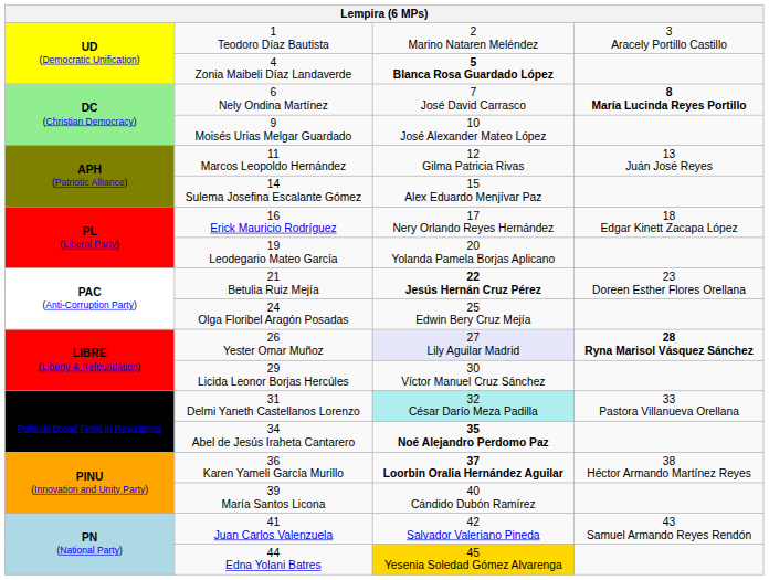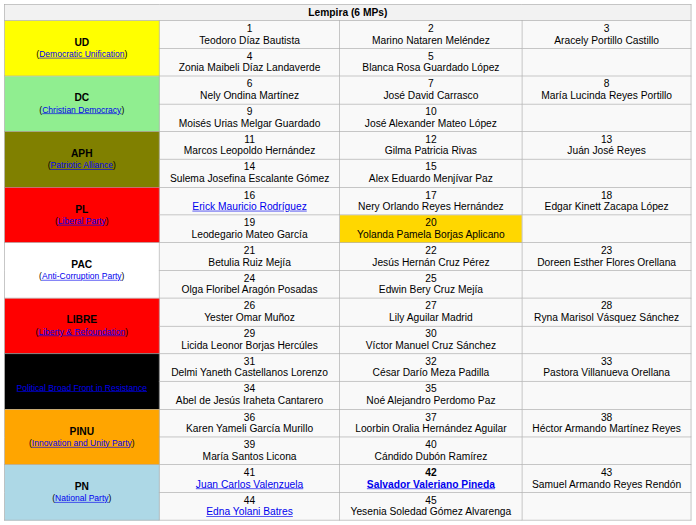 <table class="wikitable" align="center" style="width: 85%">
 <tr>
 <th colspan=24>Lempira (6 MPs)</th>
 </tr>
 <tr align="center">
 <td bgcolor="yellow" rowspan=2><span><span><strong>UD</strong></span></span><br><small>(<a href='#'>Democratic Unification</a>)</small></td>
 <td>1<br>Teodoro Díaz Bautista</td>
 <td>2<br>Marino Nataren Meléndez</td>
 <td>3<br>Aracely Portillo Castillo</td>
 </tr>
 <tr align="center">
 <td>4<br>Zonia Maibeli Díaz Landaverde</td>
-<td><strong>5<br>Blanca Rosa Guardado López</strong></td>
+<td>5<br>Blanca Rosa Guardado López</td>
 </tr>
 <tr align="center">
 <td bgcolor="lightgreen" rowspan=2><span><span><strong>DC</strong></span></span><br><small>(<a href='#'>Christian Democracy</a>)</small></td>
 <td>6<br>Nely Ondina Martínez</td>
 <td>7<br>José David Carrasco</td>
-<td><strong>8<br>María Lucinda Reyes Portillo</strong></td>
+<td>8<br>María Lucinda Reyes Portillo</td>
 </tr>
 <tr align="center">
 <td>9<br>Moisés Urias Melgar Guardado</td>
 <td>10<br>José Alexander Mateo López</td>
 </tr>
 <tr align="center">
 <td bgcolor="olive" rowspan=2><span><span><strong>APH</strong></span></span><br><small>(<a href='#'>Patriotic Alliance</a>)</small></td>
 <td>11<br>Marcos Leopoldo Hernández</td>
 <td>12<br>Gilma Patricia Rivas</td>
 <td>13<br>Juán José Reyes</td>
 </tr>
 <tr align="center">
 <td>14<br>Sulema Josefina Escalante Gómez</td>
 <td>15<br>Alex Eduardo Menjívar Paz</td>
 </tr>
 <tr align="center">
 <td bgcolor="red" rowspan=2><span><span><strong>PL</strong></span></span><br><small>(<a href='#'>Liberal Party</a>)</small></td>
 <td>16<br><a href='#'>Erick Mauricio Rodríguez</a></td>
 <td>17<br>Nery Orlando Reyes Hernández</td>
 <td>18<br>Edgar Kinett Zacapa López</td>
 </tr>
 <tr align="center">
 <td>19<br>Leodegario Mateo García</td>
-<td>20<br>Yolanda Pamela Borjas Aplicano</td>
+<td style="background: gold;">20<br>Yolanda Pamela Borjas Aplicano</td>
 </tr>
 <tr align="center">
 <td bgcolor="white" rowspan=2><span><span><strong>PAC</strong></span></span><br><small>(<a href='#'>Anti-Corruption Party</a>)</small></td>
 <td>21<br>Betulia Ruiz Mejía</td>
-<td><strong>22<br>Jesús Hernán Cruz Pérez</strong></td>
+<td>22<br>Jesús Hernán Cruz Pérez</td>
 <td>23<br>Doreen Esther Flores Orellana</td>
 </tr>
 <tr align="center">
 <td>24<br>Olga Floribel Aragón Posadas</td>
 <td>25<br>Edwin Bery Cruz Mejía</td>
 </tr>
 <tr align="center">
 <td bgcolor="red" rowspan=2><span><span><strong>LIBRE</strong></span></span><br><small>(<a href='#'>Liberty & Refoundation</a>)</small></td>
 <td>26<br>Yester Omar Muñoz</td>
-<td style="background: lavender;">27<br>Lily Aguilar Madrid</td>
-<td><strong>28<br>Ryna Marisol Vásquez Sánchez</strong></td>
+<td>27<br>Lily Aguilar Madrid</td>
+<td>28<br>Ryna Marisol Vásquez Sánchez</td>
 </tr>
 <tr align="center">
 <td>29<br>Licida Leonor Borjas Hercúles</td>
 <td>30<br>Víctor Manuel Cruz Sánchez</td>
 </tr>
 <tr align="center">
 <td bgcolor="black" rowspan=2><span><span><strong>FAPER</strong></span></span><br><small>(<a href='#'>Political Broad Front in Resistance</a>)</small></td>
 <td>31<br>Delmi Yaneth Castellanos Lorenzo</td>
-<td style="background: paleturquoise;">32<br>César Darío Meza Padilla</td>
+<td>32<br>César Darío Meza Padilla</td>
 <td>33<br>Pastora Villanueva Orellana</td>
 </tr>
 <tr align="center">
 <td>34<br>Abel de Jesús Iraheta Cantarero</td>
-<td><strong>35<br>Noé Alejandro Perdomo Paz</strong></td>
+<td>35<br>Noé Alejandro Perdomo Paz</td>
 </tr>
 <tr align="center">
 <td bgcolor="orange" rowspan=2><span><span><strong>PINU</strong></span></span><br><small>(<a href='#'>Innovation and Unity Party</a>)</small></td>
 <td>36<br>Karen Yameli García Murillo</td>
-<td><strong>37<br>Loorbin Oralia Hernández Aguilar</strong></td>
+<td>37<br>Loorbin Oralia Hernández Aguilar</td>
 <td>38<br>Héctor Armando Martínez Reyes</td>
 </tr>
 <tr align="center">
 <td>39<br>María Santos Licona</td>
 <td>40<br>Cándido Dubón Ramírez</td>
 </tr>
 <tr align="center">
 <td bgcolor="lightblue" rowspan=2><span><span><strong>PN</strong></span></span><br><small>(<a href='#'>National Party</a>)</small></td>
 <td>41<br><a href='#'>Juan Carlos Valenzuela</a></td>
-<td>42<br><a href='#'>Salvador Valeriano Pineda</a></td>
+<td><strong>42<br><a href='#'>Salvador Valeriano Pineda</a></strong></td>
 <td>43<br>Samuel Armando Reyes Rendón</td>
 </tr>
 <tr align="center">
 <td>44<br><a href='#'>Edna Yolani Batres</a></td>
-<td style="background: gold;">45<br>Yesenia Soledad Gómez Alvarenga</td>
+<td>45<br>Yesenia Soledad Gómez Alvarenga</td>
 </tr>
 </table>
